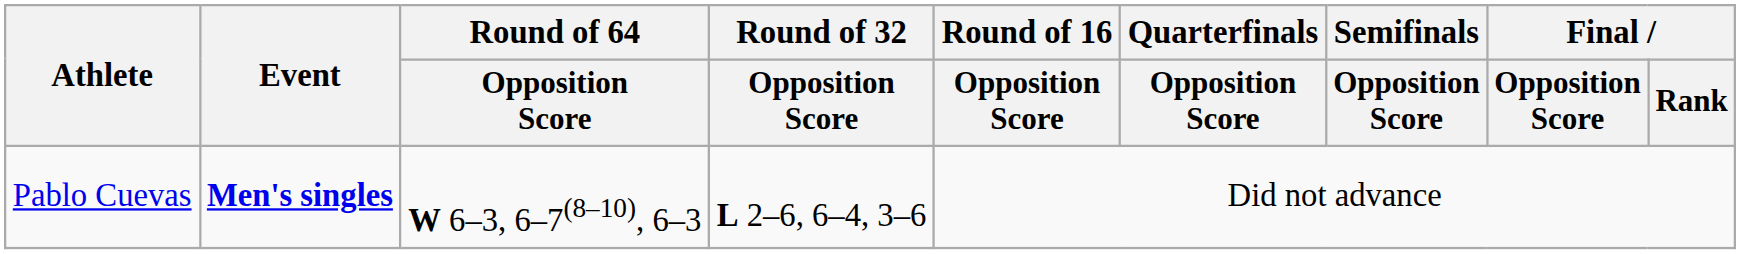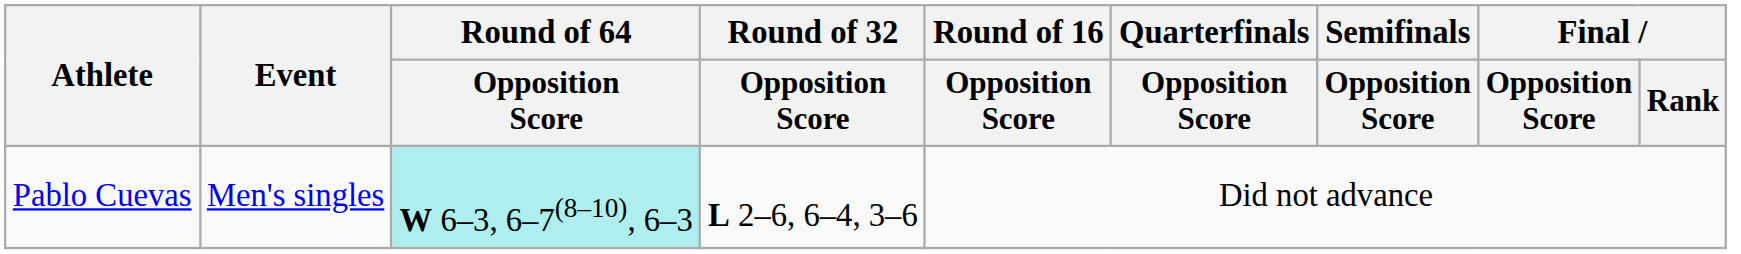 <table class=wikitable style="font-size:90%">
 <tr>
 <th rowspan="2">Athlete</th>
 <th rowspan="2">Event</th>
 <th>Round of 64</th>
 <th>Round of 32</th>
 <th>Round of 16</th>
 <th>Quarterfinals</th>
 <th>Semifinals</th>
 <th colspan=2>Final / </th>
 </tr>
 <tr style="font-size:95%">
 <th>Opposition<br>Score</th>
 <th>Opposition<br>Score</th>
 <th>Opposition<br>Score</th>
 <th>Opposition<br>Score</th>
 <th>Opposition<br>Score</th>
 <th>Opposition<br>Score</th>
 <th>Rank</th>
 </tr>
 <tr align=center>
 <td align=left><a href='#'>Pablo Cuevas</a></td>
-<td align=left><strong><a href='#'>Men's singles</a></strong></td>
-<td><br><strong>W</strong> 6–3, 6–7<sup>(8–10)</sup>, 6–3</td>
+<td align=left><a href='#'>Men's singles</a></td>
+<td style="background: paleturquoise;"><br><strong>W</strong> 6–3, 6–7<sup>(8–10)</sup>, 6–3</td>
 <td><br><strong>L</strong> 2–6, 6–4, 3–6</td>
 <td colspan=5>Did not advance</td>
 </tr>
 </table>
